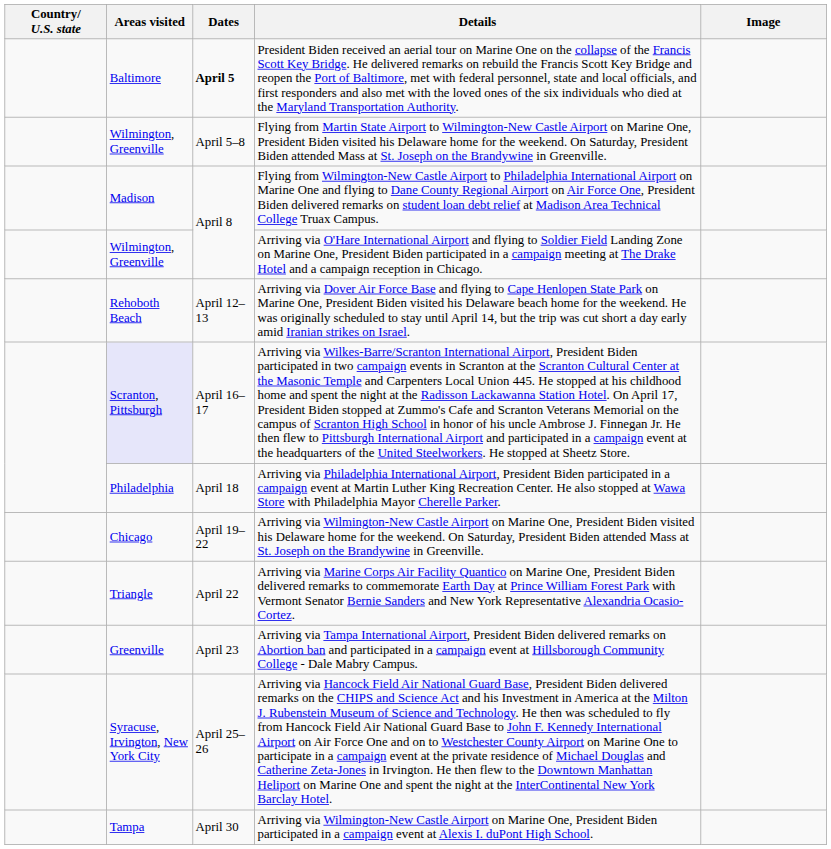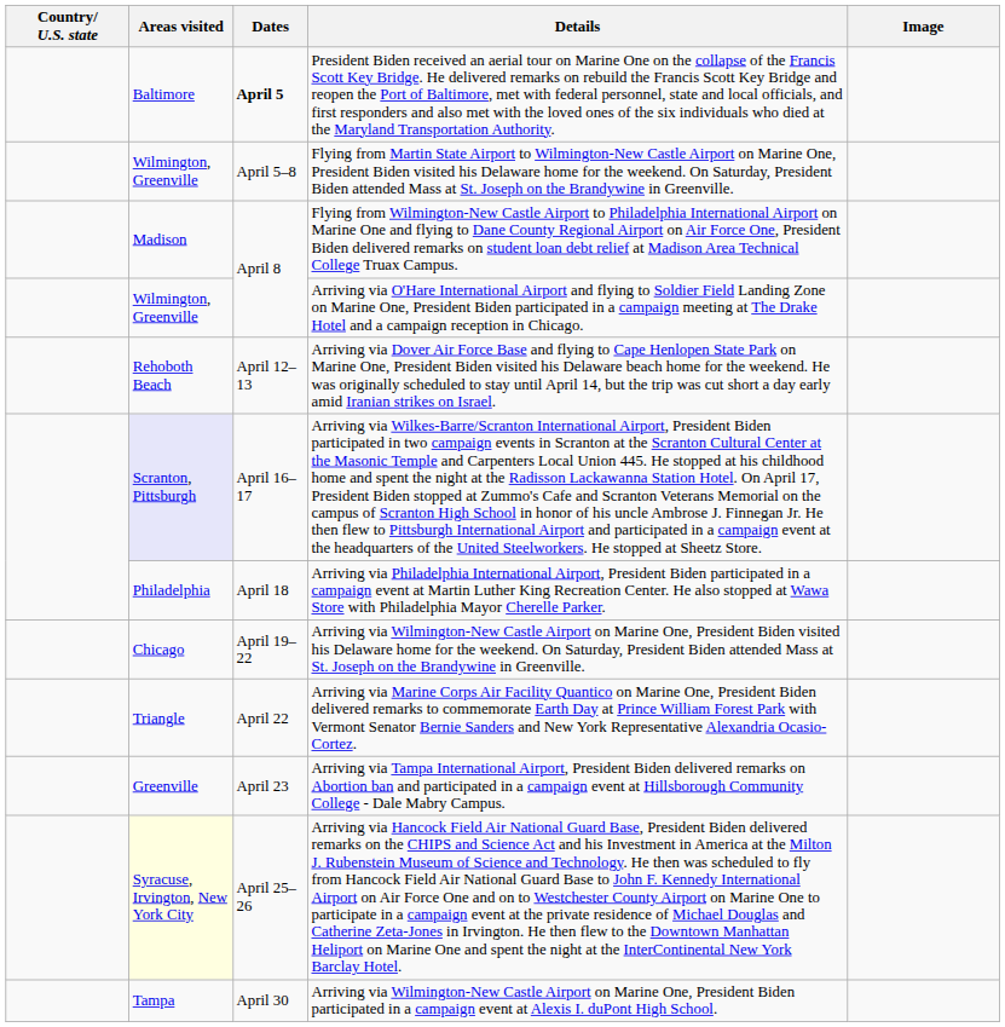 <table class="wikitable" style="margin: 1em auto 1em auto">
 <tr>
 <th width=120>Country/<br><em>U.S. state</em></th>
 <th width=100>Areas visited</th>
 <th width=70>Dates</th>
 <th width=550>Details</th>
 <th width=150>Image</th>
 </tr>
 <tr>
 <td></td>
 <td><a href='#'>Baltimore</a></td>
 <td><strong>April 5</strong></td>
 <td>President Biden received an aerial tour on Marine One on the <a href='#'>collapse</a> of the <a href='#'>Francis Scott Key Bridge</a>. He delivered remarks on rebuild the Francis Scott Key Bridge and reopen the <a href='#'>Port of Baltimore</a>, met with federal personnel, state and local officials, and first responders and also met with the loved ones of the six individuals who died at the <a href='#'>Maryland Transportation Authority</a>.</td>
 <td></td>
 </tr>
 <tr>
 <td></td>
 <td><a href='#'>Wilmington</a>, <a href='#'>Greenville</a></td>
 <td>April 5–8</td>
 <td>Flying from <a href='#'>Martin State Airport</a> to <a href='#'>Wilmington-New Castle Airport</a> on Marine One, President Biden visited his Delaware home for the weekend. On Saturday, President Biden attended  Mass at <a href='#'>St. Joseph on the Brandywine</a> in Greenville.</td>
 <td></td>
 </tr>
 <tr>
 <td></td>
 <td><a href='#'>Madison</a></td>
 <td rowspan="2">April 8</td>
 <td>Flying from <a href='#'>Wilmington-New Castle Airport</a> to <a href='#'>Philadelphia International Airport</a> on Marine One and flying to <a href='#'>Dane County Regional Airport</a> on <a href='#'>Air Force One</a>, President Biden delivered remarks on <a href='#'>student loan debt relief</a> at <a href='#'>Madison Area Technical College</a> Truax Campus.</td>
 <td></td>
 </tr>
 <tr>
 <td></td>
 <td><a href='#'>Wilmington</a>, <a href='#'>Greenville</a></td>
 <td>Arriving via <a href='#'>O'Hare International Airport</a> and flying to <a href='#'>Soldier Field</a> Landing Zone on Marine One, President Biden participated in a <a href='#'>campaign</a> meeting at <a href='#'>The Drake Hotel</a> and a campaign reception in Chicago.</td>
 <td></td>
 </tr>
 <tr>
 <td></td>
 <td><a href='#'>Rehoboth Beach</a></td>
 <td>April 12–13</td>
 <td>Arriving via <a href='#'>Dover Air Force Base</a> and flying to <a href='#'>Cape Henlopen State Park</a> on Marine One, President Biden visited his Delaware beach home for the weekend. He was originally scheduled to stay until April 14, but the trip was cut short a day early amid <a href='#'>Iranian strikes on Israel</a>.</td>
 <td></td>
 </tr>
 <tr>
 <td rowspan="2"></td>
 <td style="background: lavender;"><a href='#'>Scranton</a>, <a href='#'>Pittsburgh</a></td>
 <td>April 16–17</td>
 <td>Arriving via <a href='#'>Wilkes-Barre/Scranton International Airport</a>, President Biden participated in two <a href='#'>campaign</a> events in Scranton at the <a href='#'>Scranton Cultural Center at the Masonic Temple</a> and Carpenters Local Union 445. He stopped at his childhood home and spent the night at the <a href='#'>Radisson Lackawanna Station Hotel</a>. On April 17, President Biden stopped at Zummo's Cafe and Scranton Veterans Memorial on the campus of <a href='#'>Scranton High School</a> in honor of his uncle Ambrose J. Finnegan Jr. He then flew to <a href='#'>Pittsburgh International Airport</a> and participated in a <a href='#'>campaign</a> event at the headquarters of the <a href='#'>United Steelworkers</a>. He stopped at Sheetz Store.</td>
 <td></td>
 </tr>
 <tr>
 <td><a href='#'>Philadelphia</a></td>
 <td>April 18</td>
 <td>Arriving via <a href='#'>Philadelphia International Airport</a>, President Biden participated in a <a href='#'>campaign</a> event at Martin Luther King Recreation Center. He also  stopped at <a href='#'>Wawa Store</a> with Philadelphia Mayor <a href='#'>Cherelle Parker</a>.</td>
 <td></td>
 </tr>
 <tr>
 <td></td>
 <td><a href='#'>Chicago</a></td>
 <td>April 19–22</td>
 <td>Arriving via <a href='#'>Wilmington-New Castle Airport</a> on Marine One, President Biden visited his Delaware home for the weekend. On Saturday, President Biden attended  Mass at <a href='#'>St. Joseph on the Brandywine</a> in Greenville.</td>
 <td></td>
 </tr>
 <tr>
 <td></td>
 <td><a href='#'>Triangle</a></td>
 <td>April 22</td>
 <td>Arriving via <a href='#'>Marine Corps Air Facility Quantico</a> on Marine One, President Biden delivered remarks to commemorate <a href='#'>Earth Day</a> at <a href='#'>Prince William Forest Park</a> with Vermont Senator <a href='#'>Bernie Sanders</a> and New York Representative <a href='#'>Alexandria Ocasio-Cortez</a>.</td>
 <td></td>
 </tr>
 <tr>
 <td></td>
 <td><a href='#'>Greenville</a></td>
 <td>April 23</td>
 <td>Arriving via <a href='#'>Tampa International Airport</a>, President Biden delivered remarks on <a href='#'>Abortion ban</a> and participated in a <a href='#'>campaign</a> event at <a href='#'>Hillsborough Community College</a> - Dale Mabry Campus.</td>
 <td></td>
 </tr>
 <tr>
 <td></td>
-<td><a href='#'>Syracuse</a>, <a href='#'>Irvington</a>, <a href='#'>New York City</a></td>
+<td style="background: lightyellow;"><a href='#'>Syracuse</a>, <a href='#'>Irvington</a>, <a href='#'>New York City</a></td>
 <td>April 25–26</td>
 <td>Arriving via <a href='#'>Hancock Field Air National Guard Base</a>, President Biden delivered remarks on the <a href='#'>CHIPS and Science Act</a> and his Investment in America at the <a href='#'>Milton J. Rubenstein Museum of Science and Technology</a>. He then was scheduled to fly from Hancock Field Air National Guard Base to <a href='#'>John F. Kennedy International Airport</a> on Air Force One and on to <a href='#'>Westchester County Airport</a> on Marine One to participate in a <a href='#'>campaign</a> event at the private residence of <a href='#'>Michael Douglas</a> and <a href='#'>Catherine Zeta-Jones</a> in Irvington. He then flew to the <a href='#'>Downtown Manhattan Heliport</a> on Marine One and spent the night at the <a href='#'>InterContinental New York Barclay Hotel</a>.</td>
 <td></td>
 </tr>
 <tr>
 <td></td>
 <td><a href='#'>Tampa</a></td>
 <td>April 30</td>
 <td>Arriving via <a href='#'>Wilmington-New Castle Airport</a> on Marine One, President Biden participated in a <a href='#'>campaign</a> event at <a href='#'>Alexis I. duPont High School</a>.</td>
 <td></td>
 </tr>
 </table>
